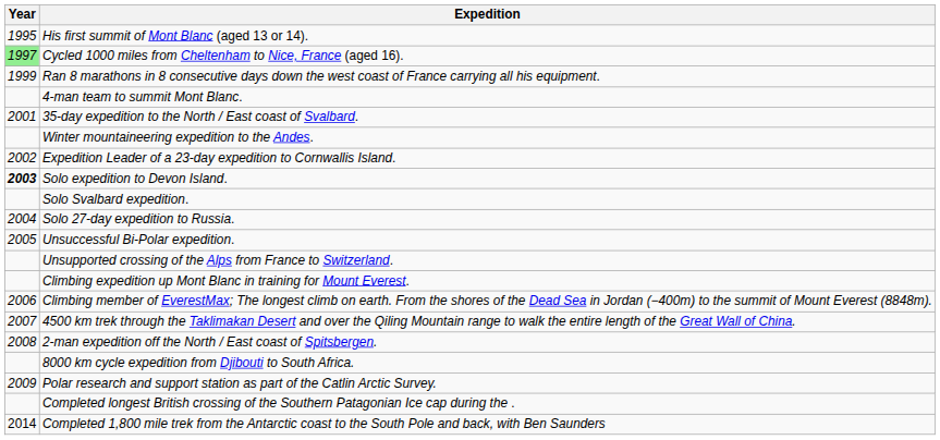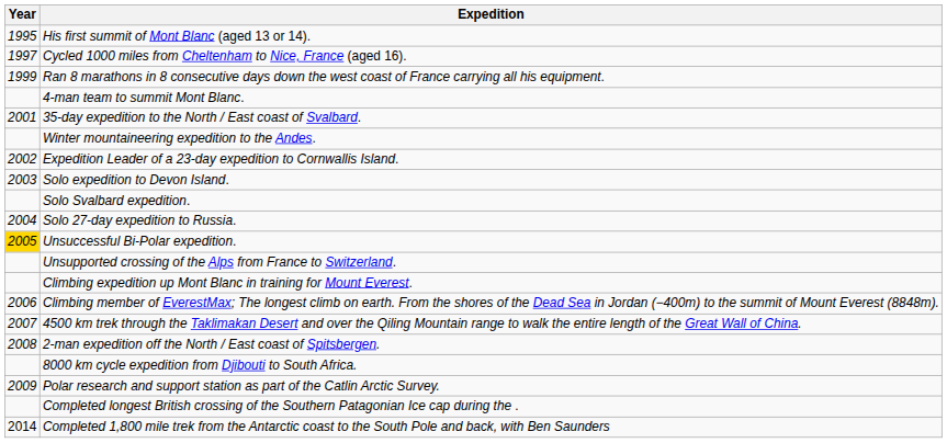 <table class="wikitable" style="font-size: 100%;">
 <tr>
 <th>Year</th>
 <th>Expedition</th>
 </tr>
 <tr>
 <td><em>1995</em></td>
 <td><em>His first summit of <a href='#'>Mont Blanc</a></em> (aged 13 or 14).</td>
 </tr>
 <tr>
-<td style="background: lightgreen;"><em>1997</em></td>
+<td><em>1997</em></td>
 <td><em>Cycled 1000 miles from <a href='#'>Cheltenham</a> to <a href='#'>Nice, France</a></em> (aged 16).</td>
 </tr>
 <tr>
 <td><em>1999</em></td>
 <td><em>Ran 8 marathons in 8 consecutive days down the west coast of France carrying all his equipment</em>.</td>
 </tr>
 <tr>
 <td></td>
 <td><em>4-man team to summit Mont Blanc</em>.</td>
 </tr>
 <tr>
 <td><em>2001</em></td>
 <td><em>35-day expedition to the North / East coast of <a href='#'>Svalbard</a></em>.</td>
 </tr>
 <tr>
 <td></td>
 <td><em>Winter mountaineering expedition to the <a href='#'>Andes</a></em>.</td>
 </tr>
 <tr>
 <td><em>2002</em></td>
 <td><em>Expedition Leader of a 23-day expedition to Cornwallis Island</em>.</td>
 </tr>
 <tr>
-<td><strong><em>2003</em></strong></td>
+<td><em>2003</em></td>
 <td><em>Solo expedition to Devon Island</em>.</td>
 </tr>
 <tr>
 <td></td>
 <td><em>Solo Svalbard expedition</em>.</td>
 </tr>
 <tr>
 <td><em>2004</em></td>
 <td><em>Solo 27-day expedition to Russia</em>.</td>
 </tr>
 <tr>
-<td><em>2005</em></td>
+<td style="background: gold;"><em>2005</em></td>
 <td><em>Unsuccessful Bi-Polar expedition</em>.</td>
 </tr>
 <tr>
 <td></td>
 <td><em>Unsupported crossing of the <a href='#'>Alps</a> from France to <a href='#'>Switzerland</a></em>.</td>
 </tr>
 <tr>
 <td></td>
 <td><em>Climbing expedition up Mont Blanc in training for <a href='#'>Mount Everest</a></em>.</td>
 </tr>
 <tr>
 <td><em>2006</em></td>
 <td><em>Climbing member of <a href='#'>EverestMax</a>; The longest climb on earth. From the shores of the <a href='#'>Dead Sea</a> in Jordan (−400m) to the summit of Mount Everest (8848m).</em></td>
 </tr>
 <tr>
 <td><em>2007</em></td>
 <td><em>4500 km trek through the <a href='#'>Taklimakan Desert</a> and over the Qiling Mountain range to walk the entire length of the <a href='#'>Great Wall of China</a>.</em></td>
 </tr>
 <tr>
 <td><em>2008</em></td>
 <td><em>2-man expedition off the North / East coast of <a href='#'>Spitsbergen</a>.</em></td>
 </tr>
 <tr>
 <td></td>
 <td><em>8000 km cycle expedition from <a href='#'>Djibouti</a> to South Africa.</em></td>
 </tr>
 <tr>
 <td><em>2009</em></td>
 <td><em>Polar research and support station as part of the Catlin Arctic Survey.</em></td>
 </tr>
 <tr>
 <td></td>
 <td><em>Completed longest British crossing of the Southern Patagonian Ice cap during the </em>.</td>
 </tr>
 <tr>
 <td>2014</td>
 <td><em>Completed 1,800 mile trek from the Antarctic coast to the South Pole and back, with Ben Saunders</em></td>
 </tr>
 </table>
